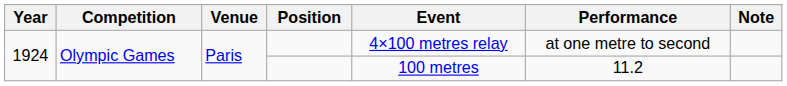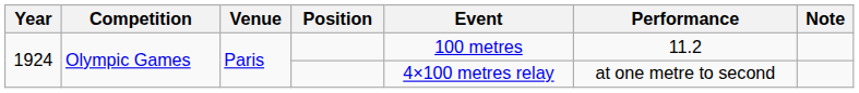 <table class="wikitable" width=55% style="font-size:90%; text-align:center;">
 <tr>
 <th>Year</th>
 <th>Competition</th>
 <th>Venue</th>
 <th>Position</th>
 <th>Event</th>
 <th>Performance</th>
 <th>Note</th>
 </tr>
 <tr>
 <td rowspan=2>1924</td>
 <td rowspan=2 align=left><a href='#'>Olympic Games</a></td>
 <td rowspan=2 align=left> <a href='#'>Paris</a></td>
 <td></td>
+<td><a href='#'>100 metres</a></td>
+<td>11.2</td>
+<td></td>
+</tr>
+<tr>
+<td></td>
 <td><a href='#'>4×100 metres relay</a></td>
 <td>at one metre to second</td>
 <td></td>
 </tr>
-<tr>
-<td></td>
-<td><a href='#'>100 metres</a></td>
-<td>11.2</td>
-<td></td>
-</tr>
 </table>
